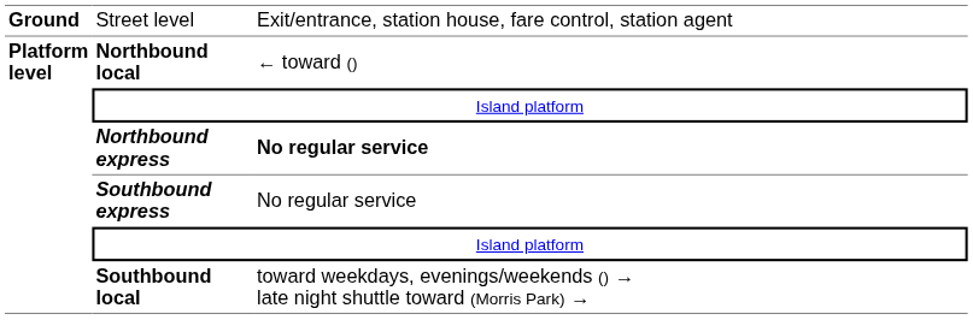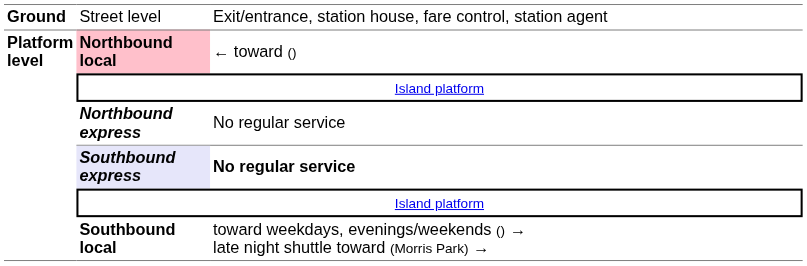 <table table border=0 cellspacing=0 cellpadding=3>
 <tr>
 <td style="border-top:solid 1px gray;" width=50><strong>Ground</strong></td>
 <td style="border-top:solid 1px gray;" width=125>Street level</td>
 <td style="border-top:solid 1px gray;" width=575>Exit/entrance, station house, fare control, station agent</td>
 </tr>
 <tr>
 <td style="border-top:solid 1px gray;border-bottom:solid 1px gray;" rowspan=6 valign=top><strong>Platform level</strong></td>
-<td style="border-top:solid 1px gray;"><span><strong>Northbound local</strong></span></td>
+<td style="background: pink; border-top:solid 1px gray;"><span><strong>Northbound local</strong></span></td>
 <td style="border-top:solid 1px gray;">←  toward  <small>()</small></td>
 </tr>
 <tr>
 <td style="border-top:solid 2px black;border-right:solid 2px black;border-left:solid 2px black;border-bottom:solid 2px black;text-align:center;" colspan=2><small><a href='#'>Island platform</a> </small></td>
 </tr>
 <tr>
 <td style="border-bottom:solid 1px gray;"><strong><em>Northbound express</em></strong></td>
-<td style="border-bottom:solid 1px gray;"><strong> No regular service</strong></td>
+<td style="border-bottom:solid 1px gray;"> No regular service</td>
 </tr>
 <tr>
-<td><strong><em>Southbound express</em></strong></td>
-<td> No regular service</td>
+<td style="background: lavender;"><strong><em>Southbound express</em></strong></td>
+<td><strong> No regular service</strong></td>
 </tr>
 <tr>
 <td style="border-top:solid 2px black;border-right:solid 2px black;border-left:solid 2px black;border-bottom:solid 2px black;text-align:center;" colspan=2><small><a href='#'>Island platform</a> </small></td>
 </tr>
 <tr>
 <td style="border-bottom:solid 1px gray;"><span><strong>Southbound local</strong></span></td>
 <td style="border-bottom:solid 1px gray;">  toward  weekdays,  evenings/weekends <small>()</small> →<br>  late night shuttle toward  <small>(Morris Park)</small> →</td>
 </tr>
 </table>
